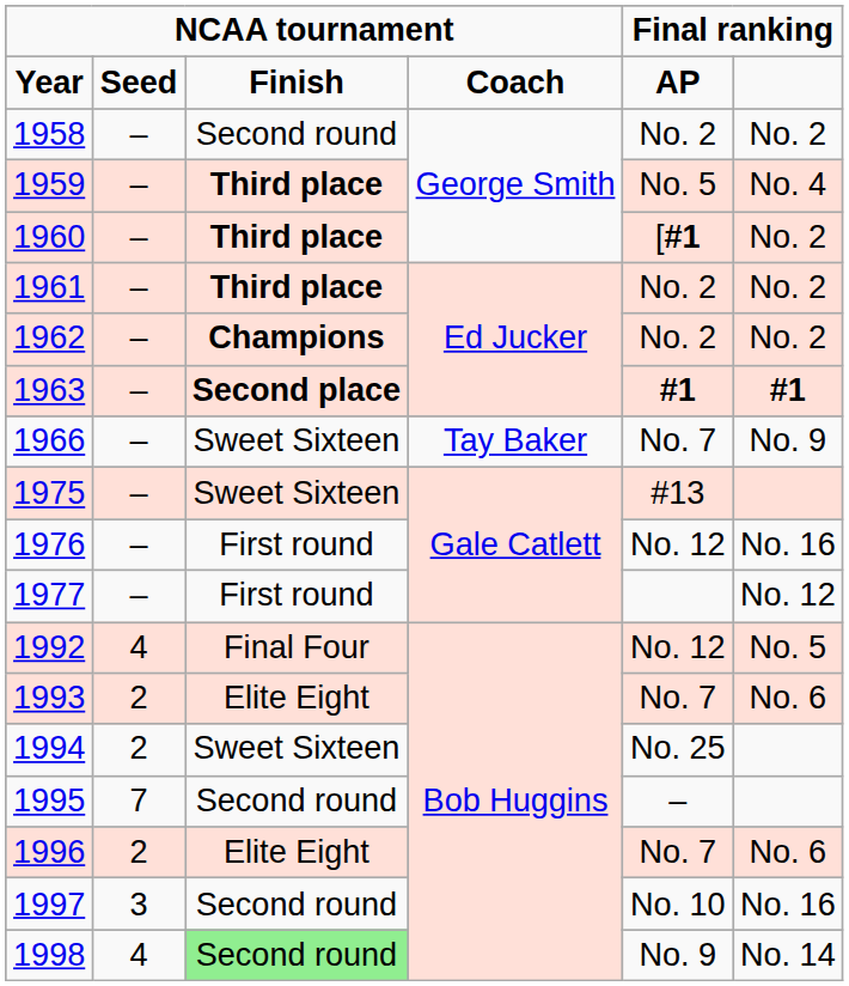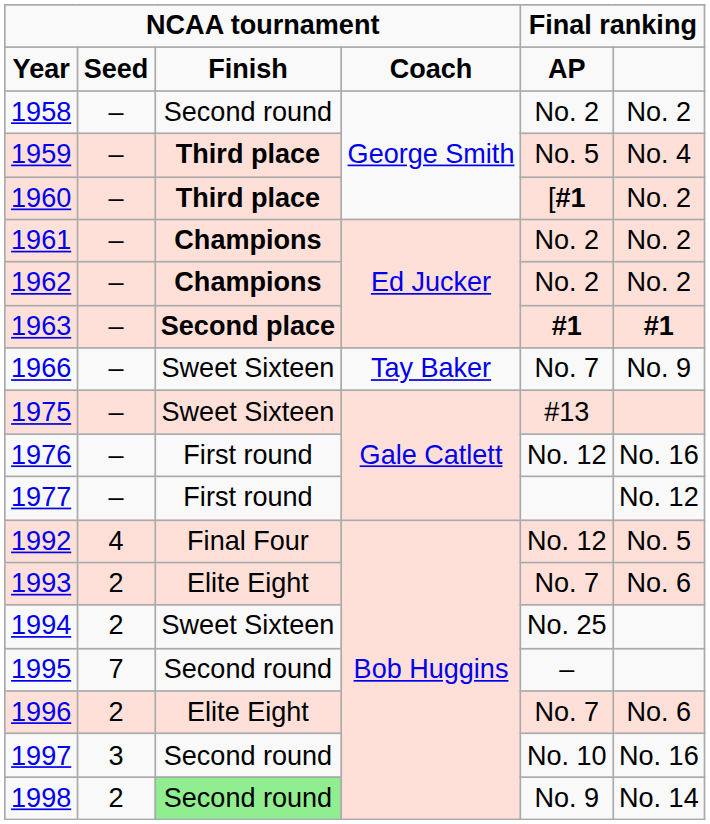 <table class="wikitable">
 <tr style="text-align:center; ">
 <td colspan=4><strong>NCAA tournament</strong></td>
 <td colspan=2><strong>Final ranking</strong></td>
 </tr>
 <tr style="text-align:center;">
 <td><strong>Year</strong></td>
 <td><strong>Seed</strong></td>
 <td><strong>Finish</strong></td>
 <td><strong>Coach</strong></td>
 <td><strong>AP</strong></td>
 <td></td>
 </tr>
 <tr style="text-align:center;">
 <td><a href='#'>1958</a></td>
 <td>–</td>
 <td>Second round</td>
 <td rowspan="3"><a href='#'>George Smith</a></td>
 <td>No. 2</td>
 <td>No. 2</td>
 </tr>
 <tr style="text-align:center; background:#ffe0d8;">
 <td><a href='#'>1959</a></td>
 <td>–</td>
 <td><strong>Third place</strong></td>
 <td>No. 5</td>
 <td>No. 4</td>
 </tr>
 <tr style="text-align:center; background:#ffe0d8;">
 <td><a href='#'>1960</a></td>
 <td>–</td>
 <td><strong>Third place</strong></td>
 <td>[<strong>#1</strong></td>
 <td>No. 2</td>
 </tr>
 <tr style="text-align:center; background:#ffe0d8;">
 <td><a href='#'>1961</a></td>
 <td>–</td>
-<td><strong>Third place</strong></td>
+<td><strong>Champions</strong></td>
 <td rowspan="3"><a href='#'>Ed Jucker</a></td>
 <td>No. 2</td>
 <td>No. 2</td>
 </tr>
 <tr style="text-align:center; background:#ffe0d8;">
 <td><a href='#'>1962</a></td>
 <td>–</td>
 <td><strong>Champions</strong></td>
 <td>No. 2</td>
 <td>No. 2</td>
 </tr>
 <tr style="text-align:center; background:#ffe0d8;">
 <td><a href='#'>1963</a></td>
 <td>–</td>
 <td><strong>Second place</strong></td>
 <td><strong>#1</strong></td>
 <td><strong>#1</strong></td>
 </tr>
 <tr style="text-align:center;">
 <td><a href='#'>1966</a></td>
 <td>–</td>
 <td>Sweet Sixteen</td>
 <td><a href='#'>Tay Baker</a></td>
 <td>No. 7</td>
 <td>No. 9</td>
 </tr>
 <tr style="text-align:center; background:#ffe0d8;">
 <td><a href='#'>1975</a></td>
 <td>–</td>
 <td>Sweet Sixteen</td>
 <td rowspan="3"><a href='#'>Gale Catlett</a></td>
 <td>#13</td>
 <td></td>
 </tr>
 <tr style="text-align:center;">
 <td><a href='#'>1976</a></td>
 <td>–</td>
 <td>First round</td>
 <td>No. 12</td>
 <td>No. 16</td>
 </tr>
 <tr style="text-align:center;">
 <td><a href='#'>1977</a></td>
 <td>–</td>
 <td>First round</td>
 <td></td>
 <td>No. 12</td>
 </tr>
 <tr style="text-align:center; background:#ffe0d8;">
 <td><a href='#'>1992</a></td>
 <td>4</td>
 <td>Final Four</td>
 <td rowspan="7"><a href='#'>Bob Huggins</a></td>
 <td>No. 12</td>
 <td>No. 5</td>
 </tr>
 <tr style="text-align:center; background:#ffe0d8;">
 <td><a href='#'>1993</a></td>
 <td>2</td>
 <td>Elite Eight</td>
 <td>No. 7</td>
 <td>No. 6</td>
 </tr>
 <tr style="text-align:center;">
 <td><a href='#'>1994</a></td>
 <td>2</td>
 <td>Sweet Sixteen</td>
 <td>No. 25</td>
 <td></td>
 </tr>
 <tr style="text-align:center;">
 <td><a href='#'>1995</a></td>
 <td>7</td>
 <td>Second round</td>
 <td>–</td>
 <td></td>
 </tr>
 <tr style="text-align:center; background:#ffe0d8;">
 <td><a href='#'>1996</a></td>
 <td>2</td>
 <td>Elite Eight</td>
 <td>No. 7</td>
 <td>No. 6</td>
 </tr>
 <tr style="text-align:center;">
 <td><a href='#'>1997</a></td>
 <td>3</td>
 <td>Second round</td>
 <td>No. 10</td>
 <td>No. 16</td>
 </tr>
 <tr style="text-align:center;">
 <td><a href='#'>1998</a></td>
-<td>4</td>
+<td>2</td>
 <td style="background: lightgreen;">Second round</td>
 <td>No. 9</td>
 <td>No. 14</td>
 </tr>
 </table>
